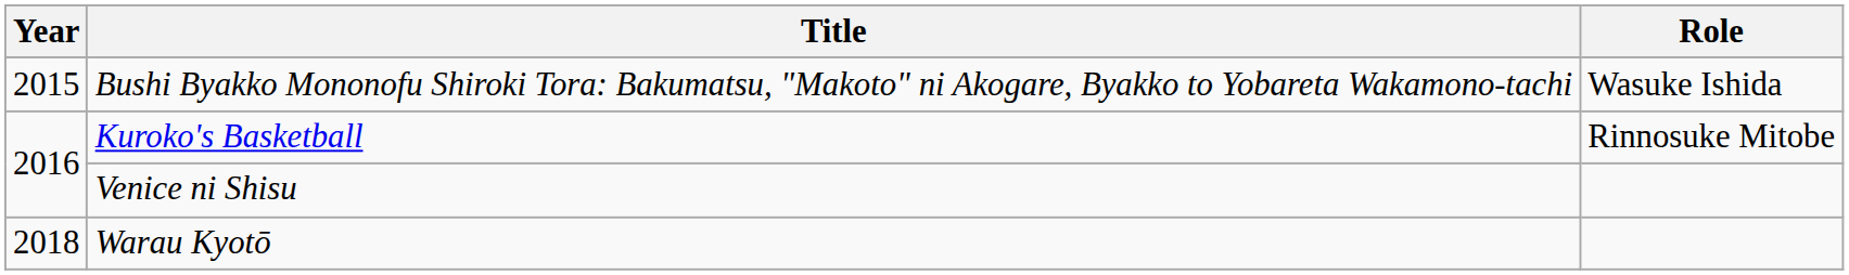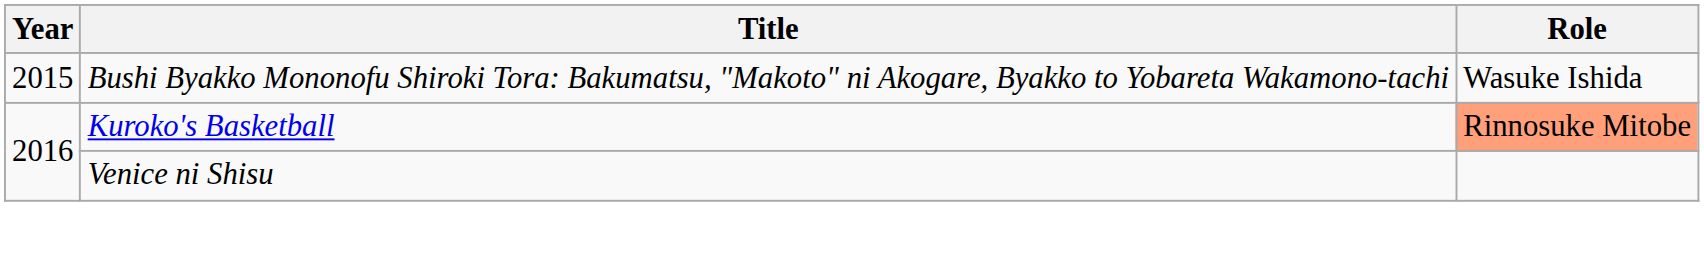 <table class="wikitable">
 <tr>
 <th>Year</th>
 <th>Title</th>
 <th>Role</th>
 </tr>
 <tr>
 <td>2015</td>
 <td><em>Bushi Byakko Mononofu Shiroki Tora: Bakumatsu, "Makoto" ni Akogare, Byakko to Yobareta Wakamono-tachi</em></td>
 <td>Wasuke Ishida</td>
 </tr>
 <tr>
 <td rowspan="2">2016</td>
 <td><em><a href='#'>Kuroko's Basketball</a></em></td>
-<td>Rinnosuke Mitobe</td>
+<td style="background: lightsalmon;">Rinnosuke Mitobe</td>
 </tr>
 <tr>
 <td><em>Venice ni Shisu</em></td>
 <td></td>
 </tr>
-<tr>
-<td>2018</td>
-<td><em>Warau Kyotō</em></td>
-<td></td>
-</tr>
 </table>
